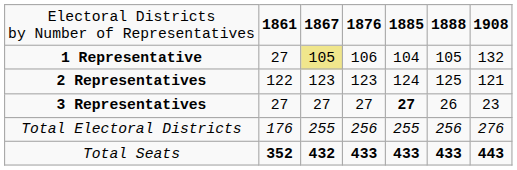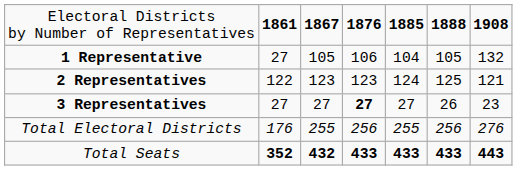 <table class="wikitable" style="text-align:center">
 <tr>
 <td>Electoral Districts<br>by Number of Representatives</td>
 <td><strong>1861</strong></td>
 <td><strong>1867</strong></td>
 <td><strong>1876</strong></td>
 <td><strong>1885</strong></td>
 <td><strong>1888</strong></td>
 <td><strong>1908</strong></td>
 </tr>
 <tr>
 <td><strong>1 Representative</strong></td>
 <td>27</td>
-<td style="background: khaki;">105</td>
+<td>105</td>
 <td>106</td>
 <td>104</td>
 <td>105</td>
 <td>132</td>
 </tr>
 <tr>
 <td><strong>2 Representatives</strong></td>
 <td>122</td>
 <td>123</td>
 <td>123</td>
 <td>124</td>
 <td>125</td>
 <td>121</td>
 </tr>
 <tr>
 <td><strong>3 Representatives</strong></td>
 <td>27</td>
 <td>27</td>
+<td><strong>27</strong></td>
 <td>27</td>
-<td><strong>27</strong></td>
 <td>26</td>
 <td>23</td>
 </tr>
 <tr>
 <td><em>Total Electoral Districts</em></td>
 <td><em>176</em></td>
 <td><em>255</em></td>
 <td><em>256</em></td>
 <td><em>255</em></td>
 <td><em>256</em></td>
 <td><em>276</em></td>
 </tr>
 <tr>
 <td><em>Total Seats</em></td>
 <td><strong>352</strong></td>
 <td><strong>432</strong></td>
 <td><strong>433</strong></td>
 <td><strong>433</strong></td>
 <td><strong>433</strong></td>
 <td><strong>443</strong></td>
 </tr>
 </table>
